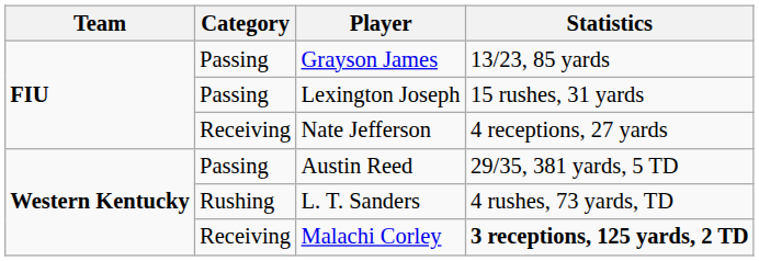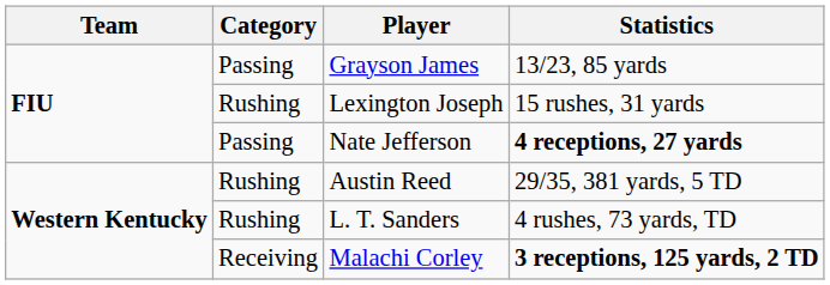 <table class="wikitable" style="float: left;">
 <tr>
 <th>Team</th>
 <th>Category</th>
 <th>Player</th>
 <th>Statistics</th>
 </tr>
 <tr>
 <td rowspan=3><strong>FIU</strong></td>
 <td>Passing</td>
 <td><a href='#'>Grayson James</a></td>
 <td>13/23, 85 yards</td>
 </tr>
 <tr>
-<td>Passing</td>
+<td>Rushing</td>
 <td>Lexington Joseph</td>
 <td>15 rushes, 31 yards</td>
 </tr>
 <tr>
-<td>Receiving</td>
+<td>Passing</td>
 <td>Nate Jefferson</td>
-<td>4 receptions, 27 yards</td>
+<td><strong>4 receptions, 27 yards</strong></td>
 </tr>
 <tr>
 <td rowspan=3><strong>Western Kentucky</strong></td>
-<td>Passing</td>
+<td>Rushing</td>
 <td>Austin Reed</td>
 <td>29/35, 381 yards, 5 TD</td>
 </tr>
 <tr>
 <td>Rushing</td>
 <td>L. T. Sanders</td>
 <td>4 rushes, 73 yards, TD</td>
 </tr>
 <tr>
 <td>Receiving</td>
 <td><a href='#'>Malachi Corley</a></td>
 <td><strong>3 receptions, 125 yards, 2 TD</strong></td>
 </tr>
 </table>
